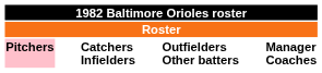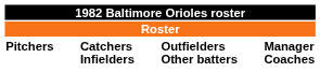 <table class="toccolours" style="font-size: 95%;">
 <tr>
 <th colspan="10" style="background-color: black; color: white; text-align: center;">1982 Baltimore Orioles roster</th>
 </tr>
 <tr>
 <td colspan="10" style="background-color: #F87217; color: white; text-align: center;"><strong>Roster</strong></td>
 </tr>
 <tr>
-<td valign="top" style="background: pink;"><strong>Pitchers</strong><br>            </td>
+<td valign="top"><strong>Pitchers</strong><br>            </td>
 <td width="25px"></td>
 <td valign="top"><strong>Catchers</strong><br>  <strong>Infielders</strong>       </td>
 <td width="25px"></td>
 <td valign="top"><strong>Outfielders</strong><br>        <strong>Other batters</strong>    </td>
 <td width="25px"></td>
 <td valign="top"><strong>Manager</strong><br> <strong>Coaches</strong>     </td>
 </tr>
 <tr>
 </tr>
 </table>
